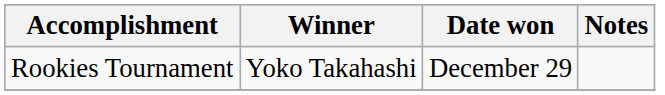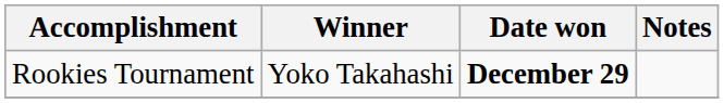 <table class="wikitable">
 <tr>
 <th>Accomplishment</th>
 <th>Winner</th>
 <th>Date won</th>
 <th>Notes</th>
 </tr>
 <tr>
 <td>Rookies Tournament</td>
 <td>Yoko Takahashi</td>
-<td>December 29</td>
+<td><strong>December 29</strong></td>
 <td></td>
 </tr>
 <tr>
 </tr>
 </table>
